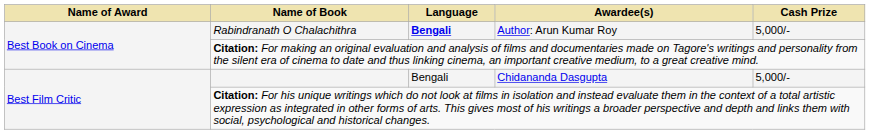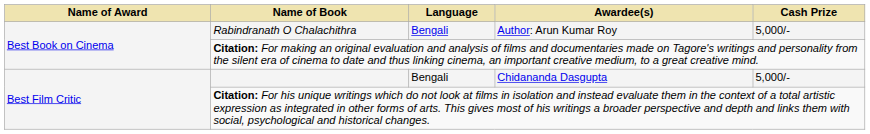 <table class="wikitable">
 <tr>
 <th style="background-color:#EFE4B0;width:24%;">Name of Award</th>
 <th style="background-color:#EFE4B0;width:23%;">Name of Book</th>
 <th style="background-color:#EFE4B0;width:10%;">Language</th>
 <th style="background-color:#EFE4B0;width:30%;">Awardee(s)</th>
 <th style="background-color:#EFE4B0;width:13%;">Cash Prize</th>
 </tr>
 <tr style="background-color:#F4F4F4">
 <td rowspan="2"><a href='#'>Best Book on Cinema</a></td>
 <td><em>Rabindranath O Chalachithra</em></td>
-<td><strong><a href='#'>Bengali</a></strong></td>
+<td><a href='#'>Bengali</a></td>
 <td><a href='#'>Author</a>: Arun Kumar Roy</td>
 <td>5,000/-</td>
 </tr>
 <tr style="background-color:#F9F9F9">
 <td colspan="4"><strong>Citation:</strong> <em>For making an original evaluation and analysis of films and documentaries made on Tagore's writings and personality from the silent era of cinema to date and thus linking cinema, an important creative medium, to a great creative mind.</em></td>
 </tr>
 <tr style="background-color:#F4F4F4">
 <td rowspan="2"><a href='#'>Best Film Critic</a></td>
 <td></td>
 <td>Bengali</td>
 <td><a href='#'>Chidananda Dasgupta</a></td>
 <td>5,000/-</td>
 </tr>
 <tr style="background-color:#F9F9F9">
 <td colspan="4"><strong>Citation:</strong> <em>For his unique writings which do not look at films in isolation and instead evaluate them in the context of a total artistic expression as integrated in other forms of arts. This gives most of his writings a broader perspective and depth and links them with social, psychological and historical changes.</em></td>
 </tr>
 </table>
